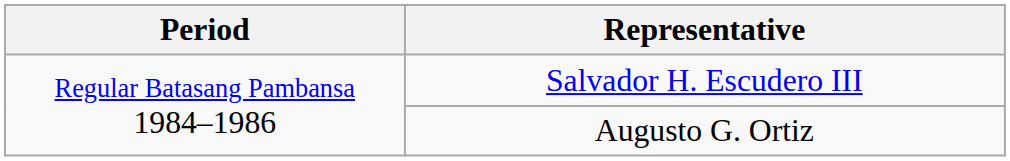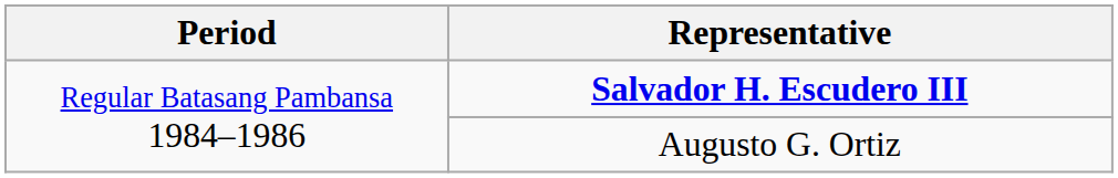 <table class="wikitable" style="text-align:center; width:40%;">
 <tr>
 <th width="40%">Period</th>
 <th>Representative</th>
 </tr>
 <tr>
 <td rowspan="2"><small><a href='#'>Regular Batasang Pambansa</a></small><br>1984–1986</td>
-<td><a href='#'>Salvador H. Escudero III</a></td>
+<td><strong><a href='#'>Salvador H. Escudero III</a></strong></td>
 </tr>
 <tr>
 <td>Augusto G. Ortiz</td>
 </tr>
 </table>
